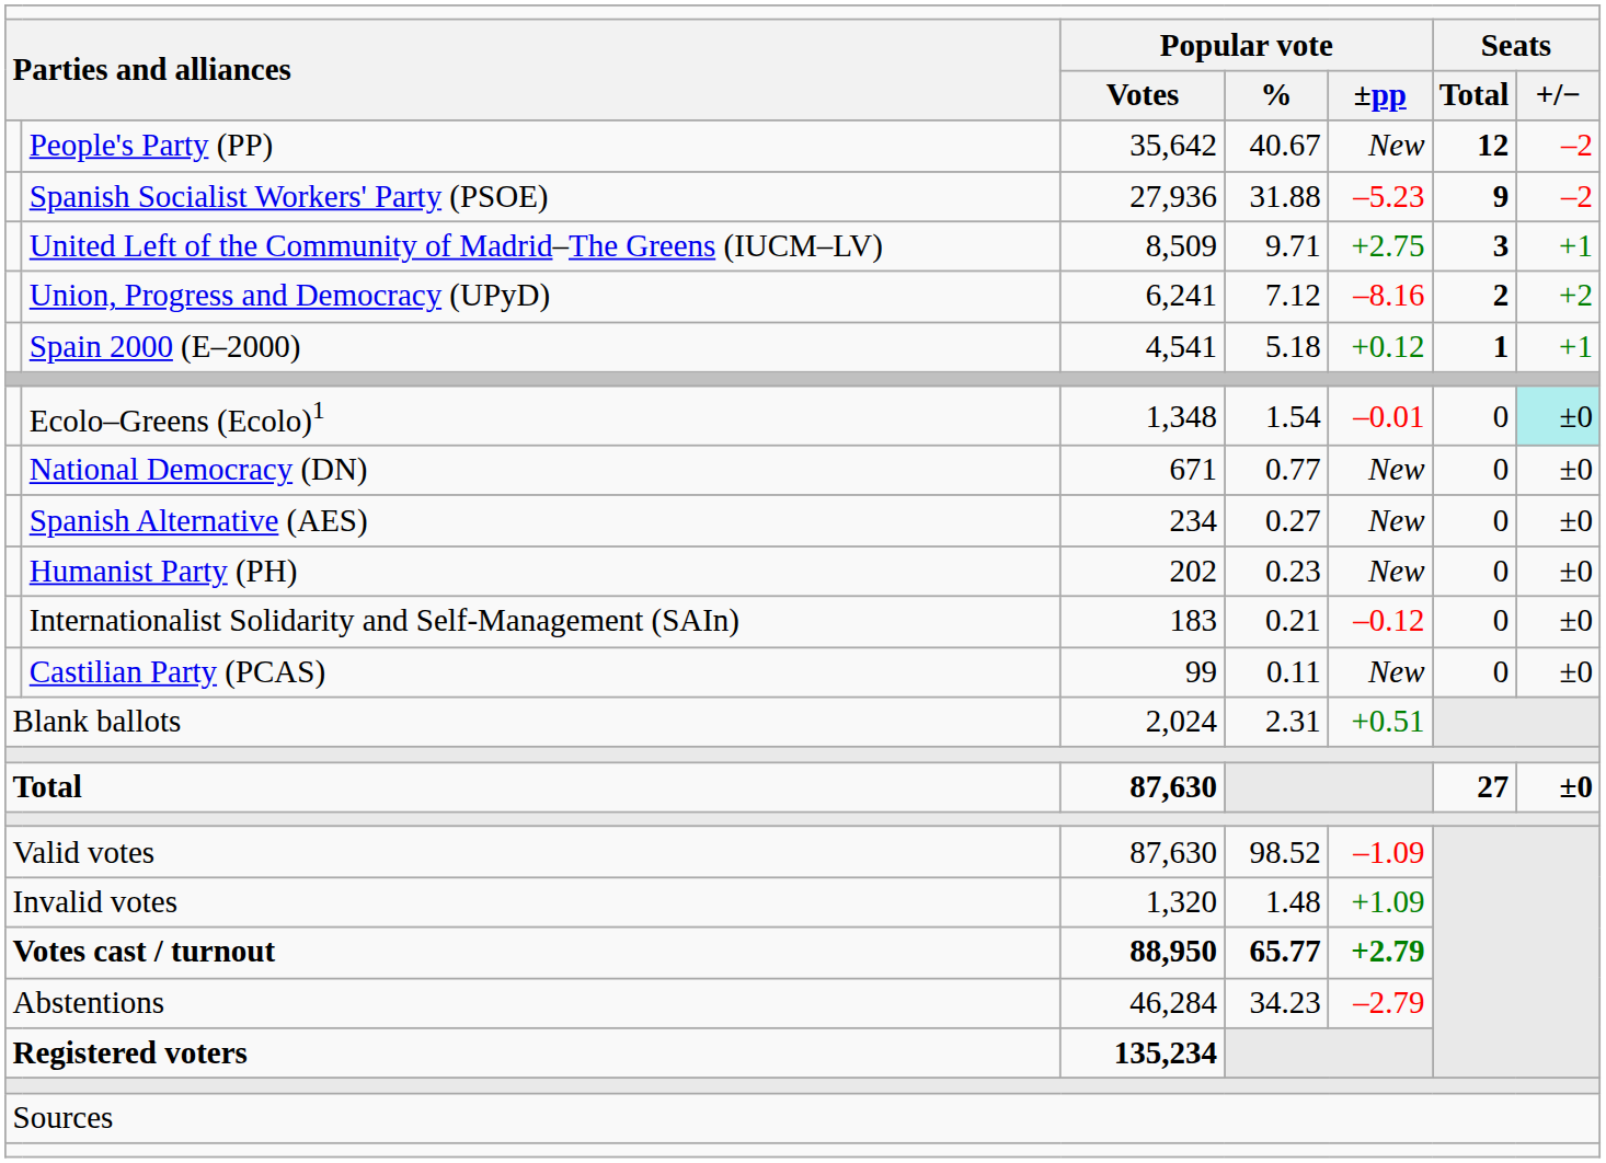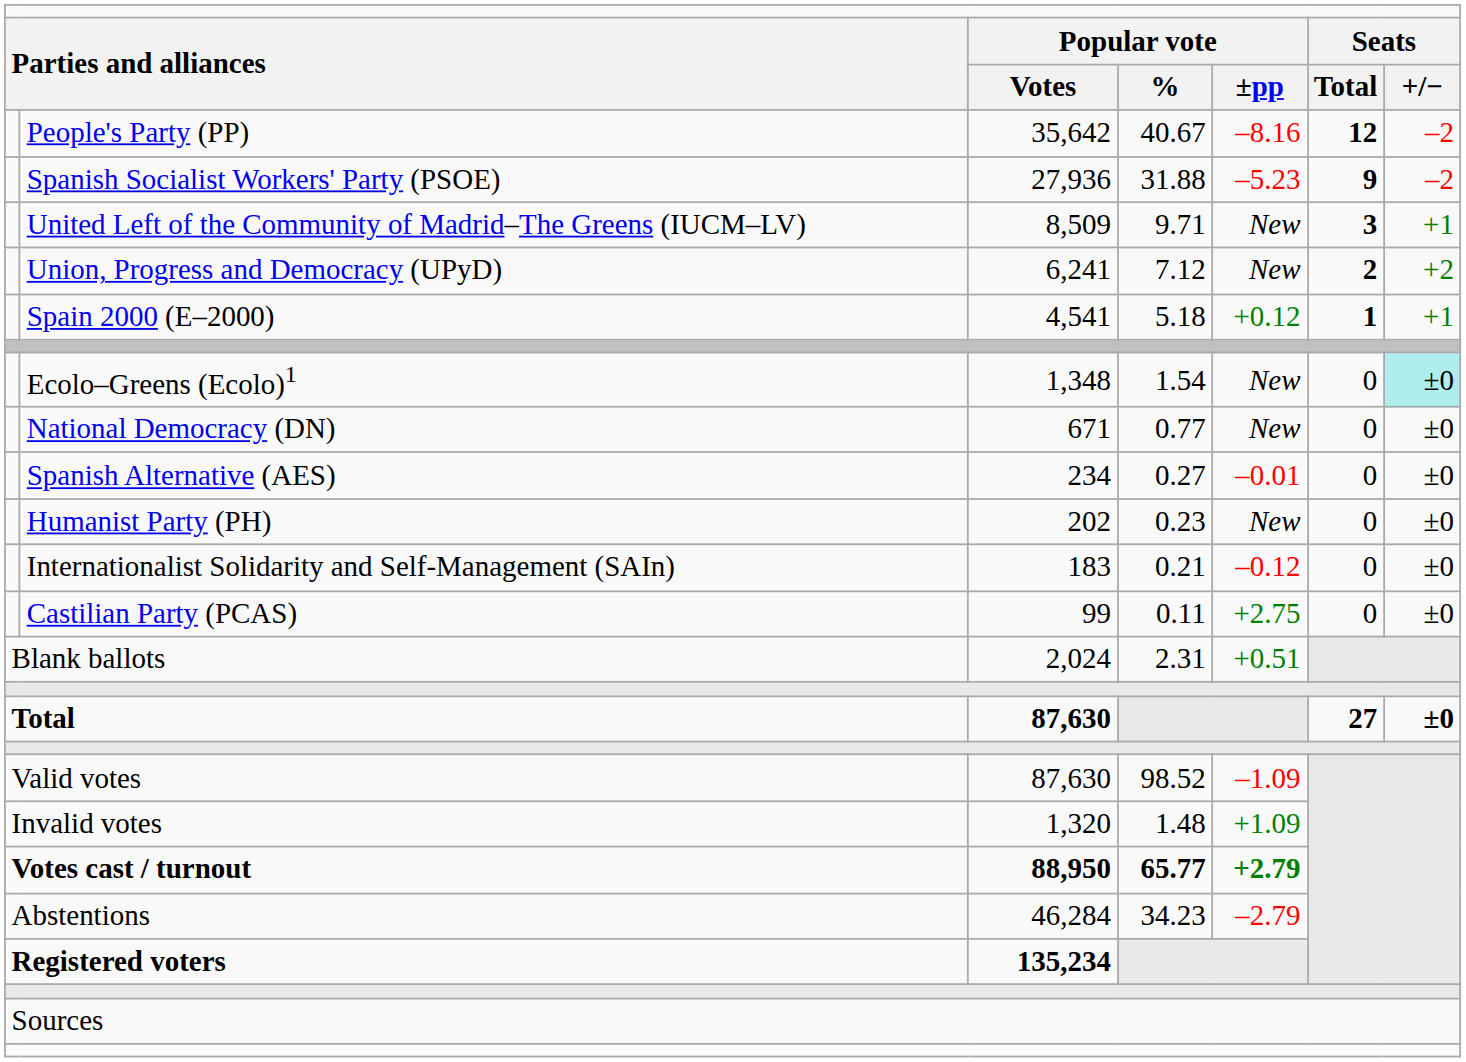 <table class="wikitable" style="text-align:right;">
 <tr>
 <td colspan="7"></td>
 </tr>
 <tr>
 <th style="text-align:left;" rowspan="2" colspan="2" width="525">Parties and alliances</th>
 <th colspan="3">Popular vote</th>
 <th colspan="2">Seats</th>
 </tr>
 <tr>
 <th width="75">Votes</th>
 <th width="45">%</th>
 <th width="45">±<a href='#'>pp</a></th>
 <th width="35">Total</th>
 <th width="35">+/−</th>
 </tr>
 <tr>
 <td width="1" style="color:inherit;background:"></td>
 <td align="left"><a href='#'>People's Party</a> (PP)</td>
 <td>35,642</td>
 <td>40.67</td>
-<td><em>New</em></td>
+<td style="color:red;">–8.16</td>
 <td><strong>12</strong></td>
 <td style="color:red;">–2</td>
 </tr>
 <tr>
 <td style="color:inherit;background:"></td>
 <td align="left"><a href='#'>Spanish Socialist Workers' Party</a> (PSOE)</td>
 <td>27,936</td>
 <td>31.88</td>
 <td style="color:red;">–5.23</td>
 <td><strong>9</strong></td>
 <td style="color:red;">–2</td>
 </tr>
 <tr>
 <td style="color:inherit;background:"></td>
 <td align="left"><a href='#'>United Left of the Community of Madrid</a>–<a href='#'>The Greens</a> (IUCM–LV)</td>
 <td>8,509</td>
 <td>9.71</td>
-<td style="color:green;">+2.75</td>
+<td><em>New</em></td>
 <td><strong>3</strong></td>
 <td style="color:green;">+1</td>
 </tr>
 <tr>
 <td style="color:inherit;background:"></td>
 <td align="left"><a href='#'>Union, Progress and Democracy</a> (UPyD)</td>
 <td>6,241</td>
 <td>7.12</td>
-<td style="color:red;">–8.16</td>
+<td><em>New</em></td>
 <td><strong>2</strong></td>
 <td style="color:green;">+2</td>
 </tr>
 <tr>
 <td style="color:inherit;background:"></td>
 <td align="left"><a href='#'>Spain 2000</a> (E–2000)</td>
 <td>4,541</td>
 <td>5.18</td>
 <td style="color:green;">+0.12</td>
 <td><strong>1</strong></td>
 <td style="color:green;">+1</td>
 </tr>
 <tr>
 <td colspan="7" bgcolor="#C0C0C0"></td>
 </tr>
 <tr>
 <td style="color:inherit;background:"></td>
 <td align="left">Ecolo–Greens (Ecolo)<sup>1</sup></td>
 <td>1,348</td>
 <td>1.54</td>
-<td style="color:red;">–0.01</td>
+<td><em>New</em></td>
 <td>0</td>
 <td style="background: paleturquoise;">±0</td>
 </tr>
 <tr>
 <td style="color:inherit;background:"></td>
 <td align="left"><a href='#'>National Democracy</a> (DN)</td>
 <td>671</td>
 <td>0.77</td>
 <td><em>New</em></td>
 <td>0</td>
 <td>±0</td>
 </tr>
 <tr>
 <td style="color:inherit;background:"></td>
 <td align="left"><a href='#'>Spanish Alternative</a> (AES)</td>
 <td>234</td>
 <td>0.27</td>
-<td><em>New</em></td>
+<td style="color:red;">–0.01</td>
 <td>0</td>
 <td>±0</td>
 </tr>
 <tr>
 <td style="color:inherit;background:"></td>
 <td align="left"><a href='#'>Humanist Party</a> (PH)</td>
 <td>202</td>
 <td>0.23</td>
 <td><em>New</em></td>
 <td>0</td>
 <td>±0</td>
 </tr>
 <tr>
 <td style="color:inherit;background:"></td>
 <td align="left">Internationalist Solidarity and Self-Management (SAIn)</td>
 <td>183</td>
 <td>0.21</td>
 <td style="color:red;">–0.12</td>
 <td>0</td>
 <td>±0</td>
 </tr>
 <tr>
 <td style="color:inherit;background:"></td>
 <td align="left"><a href='#'>Castilian Party</a> (PCAS)</td>
 <td>99</td>
 <td>0.11</td>
-<td><em>New</em></td>
+<td style="color:green;">+2.75</td>
 <td>0</td>
 <td>±0</td>
 </tr>
 <tr>
 <td align="left" colspan="2">Blank ballots</td>
 <td>2,024</td>
 <td>2.31</td>
 <td style="color:green;">+0.51</td>
 <td bgcolor="#E9E9E9" colspan="2"></td>
 </tr>
 <tr>
 <td colspan="7" bgcolor="#E9E9E9"></td>
 </tr>
 <tr style="font-weight:bold;">
 <td align="left" colspan="2">Total</td>
 <td>87,630</td>
 <td bgcolor="#E9E9E9" colspan="2"></td>
 <td>27</td>
 <td>±0</td>
 </tr>
 <tr>
 <td colspan="7" bgcolor="#E9E9E9"></td>
 </tr>
 <tr>
 <td align="left" colspan="2">Valid votes</td>
 <td>87,630</td>
 <td>98.52</td>
 <td style="color:red;">–1.09</td>
 <td bgcolor="#E9E9E9" colspan="2" rowspan="5"></td>
 </tr>
 <tr>
 <td align="left" colspan="2">Invalid votes</td>
 <td>1,320</td>
 <td>1.48</td>
 <td style="color:green;">+1.09</td>
 </tr>
 <tr style="font-weight:bold;">
 <td align="left" colspan="2">Votes cast / turnout</td>
 <td>88,950</td>
 <td>65.77</td>
 <td style="color:green;">+2.79</td>
 </tr>
 <tr>
 <td align="left" colspan="2">Abstentions</td>
 <td>46,284</td>
 <td>34.23</td>
 <td style="color:red;">–2.79</td>
 </tr>
 <tr style="font-weight:bold;">
 <td align="left" colspan="2">Registered voters</td>
 <td>135,234</td>
 <td bgcolor="#E9E9E9" colspan="2"></td>
 </tr>
 <tr>
 <td colspan="7" bgcolor="#E9E9E9"></td>
 </tr>
 <tr>
 <td align="left" colspan="7">Sources</td>
 </tr>
 <tr>
 <td colspan="7" style="text-align:left; max-width:790px;"></td>
 </tr>
 </table>
